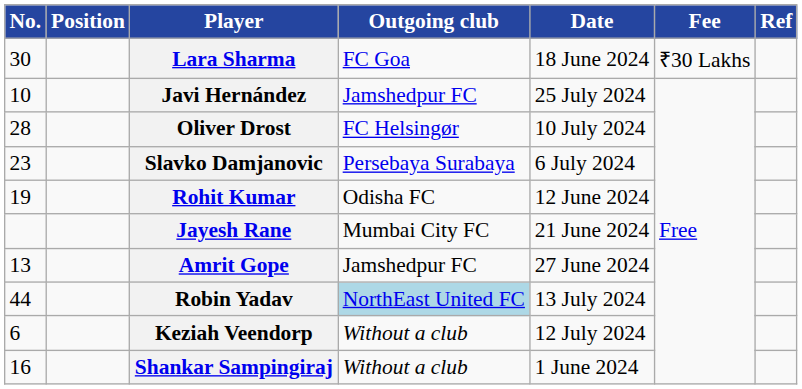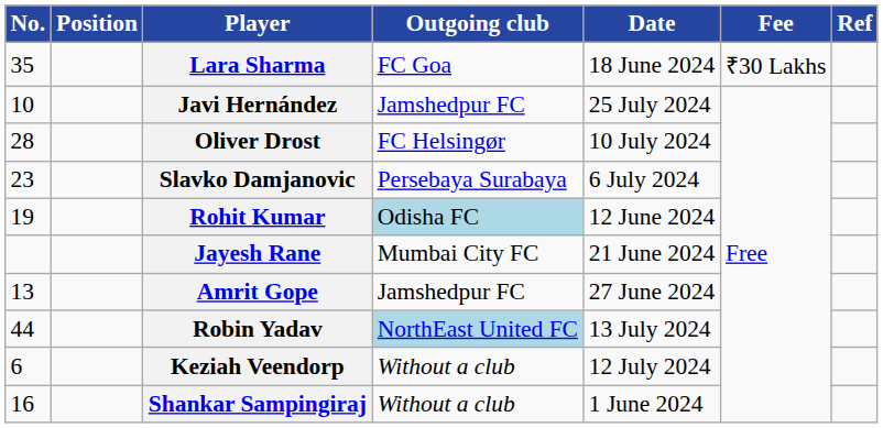 <table class="wikitable plainrowheaders" style="text-align:center; text-align:left">
 <tr>
 <th style="background:#2545A0; color:#FFFFFF; ">No.</th>
 <th scope="col" style="background:#2545A0; color:#FFFFFF; ">Position</th>
 <th scope="col" style="background:#2545A0; color:#FFFFFF; ">Player</th>
 <th scope="col" style="background:#2545A0; color:#FFFFFF; ">Outgoing club</th>
 <th scope="col" style="background:#2545A0; color:#FFFFFF; ">Date</th>
 <th scope="col" style="background:#2545A0; color:#FFFFFF; ">Fee</th>
 <th scope="col" style="background:#2545A0; color:#FFFFFF; ">Ref</th>
 </tr>
 <tr>
-<td>30</td>
+<td>35</td>
 <td></td>
 <th scope="row"> <a href='#'>Lara Sharma</a></th>
 <td> <a href='#'>FC Goa</a></td>
 <td>18 June 2024</td>
 <td>₹30 Lakhs</td>
 <td></td>
 </tr>
 <tr>
 <td>10</td>
 <td></td>
 <th scope="row"> Javi Hernández</th>
 <td> <a href='#'>Jamshedpur FC</a></td>
 <td>25 July 2024</td>
 <td rowspan="10"><a href='#'>Free</a></td>
 <td></td>
 </tr>
 <tr>
 <td>28</td>
 <td></td>
 <th scope="row"> Oliver Drost</th>
 <td> <a href='#'>FC Helsingør</a></td>
 <td>10 July 2024</td>
 <td></td>
 </tr>
 <tr>
 <td>23</td>
 <td></td>
 <th scope="row"> Slavko Damjanovic</th>
 <td> <a href='#'>Persebaya Surabaya</a></td>
 <td>6 July 2024</td>
 <td></td>
 </tr>
 <tr>
 <td>19</td>
 <td></td>
 <th scope="row"> <a href='#'>Rohit Kumar</a></th>
-<td> Odisha FC</td>
+<td style="background: lightblue;"> Odisha FC</td>
 <td>12 June 2024</td>
 <td></td>
 </tr>
 <tr>
 <td></td>
 <td></td>
 <th scope="row"> <a href='#'>Jayesh Rane</a></th>
 <td> Mumbai City FC</td>
 <td>21 June 2024</td>
 <td></td>
 </tr>
 <tr>
 <td>13</td>
 <td></td>
 <th scope="row"> <a href='#'>Amrit Gope</a></th>
 <td> Jamshedpur FC</td>
 <td>27 June 2024</td>
 <td></td>
 </tr>
 <tr>
 <td>44</td>
 <td></td>
 <th scope="row"> Robin Yadav</th>
 <td style="background: lightblue;"> <a href='#'>NorthEast United FC</a></td>
 <td>13 July 2024</td>
 <td></td>
 </tr>
 <tr>
 <td>6</td>
 <td></td>
 <th scope="row"> Keziah Veendorp</th>
 <td><em>Without a club</em></td>
 <td>12 July 2024</td>
 <td></td>
 </tr>
 <tr>
 <td>16</td>
 <td></td>
 <th scope="row"> <a href='#'>Shankar Sampingiraj</a></th>
 <td><em>Without a club</em></td>
 <td>1 June 2024</td>
 <td></td>
 </tr>
 </table>
